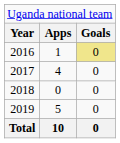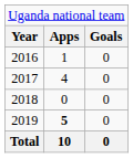 <table class="wikitable" style="text-align:center">
 <tr>
 <td colspan="3"><a href='#'>Uganda national team</a></td>
 </tr>
 <tr>
 <th>Year</th>
 <th>Apps</th>
 <th>Goals</th>
 </tr>
 <tr>
 <td>2016</td>
 <td>1</td>
-<td style="background: khaki;">0</td>
+<td>0</td>
 </tr>
 <tr>
 <td>2017</td>
 <td>4</td>
 <td>0</td>
 </tr>
 <tr>
 <td>2018</td>
 <td>0</td>
 <td>0</td>
 </tr>
 <tr>
 <td>2019</td>
-<td>5</td>
+<td><strong>5</strong></td>
 <td>0</td>
 </tr>
 <tr>
 <th>Total</th>
 <th>10</th>
 <th>0</th>
 </tr>
 </table>
